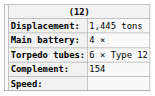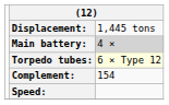 <table class="wikitable plainrowheaders" style="text-align:left">
 <tr valign="bottom">
 <td rowspan=6 style="text-align:center"></td>
 <th colspan=2 style="text-align:center"> (12)</th>
 </tr>
 <tr>
 <th style="text-align:left">Displacement:</th>
 <td>1,445 tons</td>
 </tr>
 <tr>
 <th style="text-align:left">Main battery:</th>
-<td>4 × </td>
+<td style="background: lightgrey;">4 × </td>
 </tr>
 <tr>
 <th style="text-align:left">Torpedo tubes:</th>
-<td>6 × Type 12</td>
+<td style="background: lightyellow;">6 × Type 12</td>
 </tr>
 <tr>
 <th style="text-align:left">Complement:</th>
 <td>154</td>
 </tr>
 <tr>
 <th style="text-align:left">Speed:</th>
 <td></td>
 </tr>
 <tr>
 </tr>
 </table>
